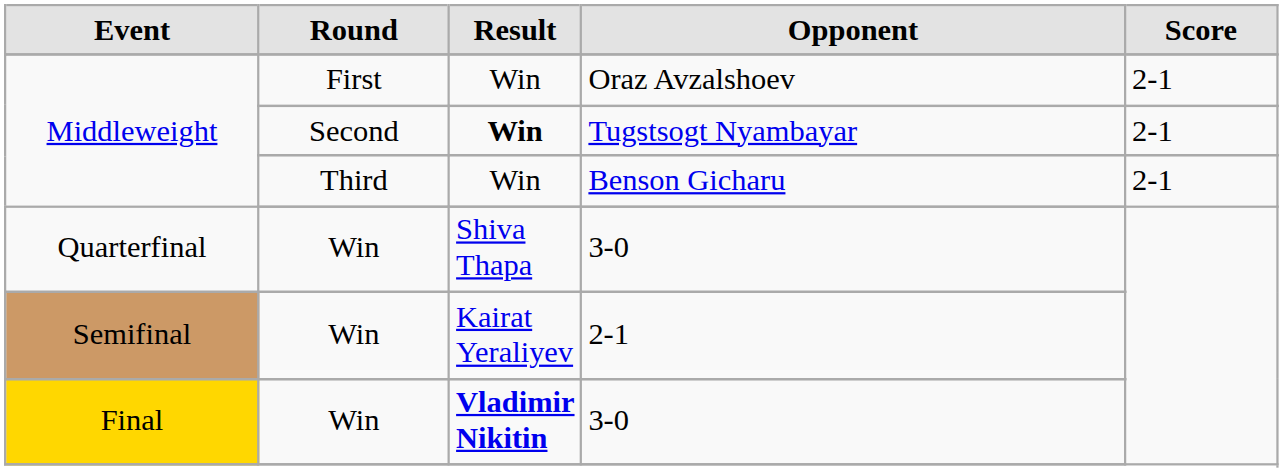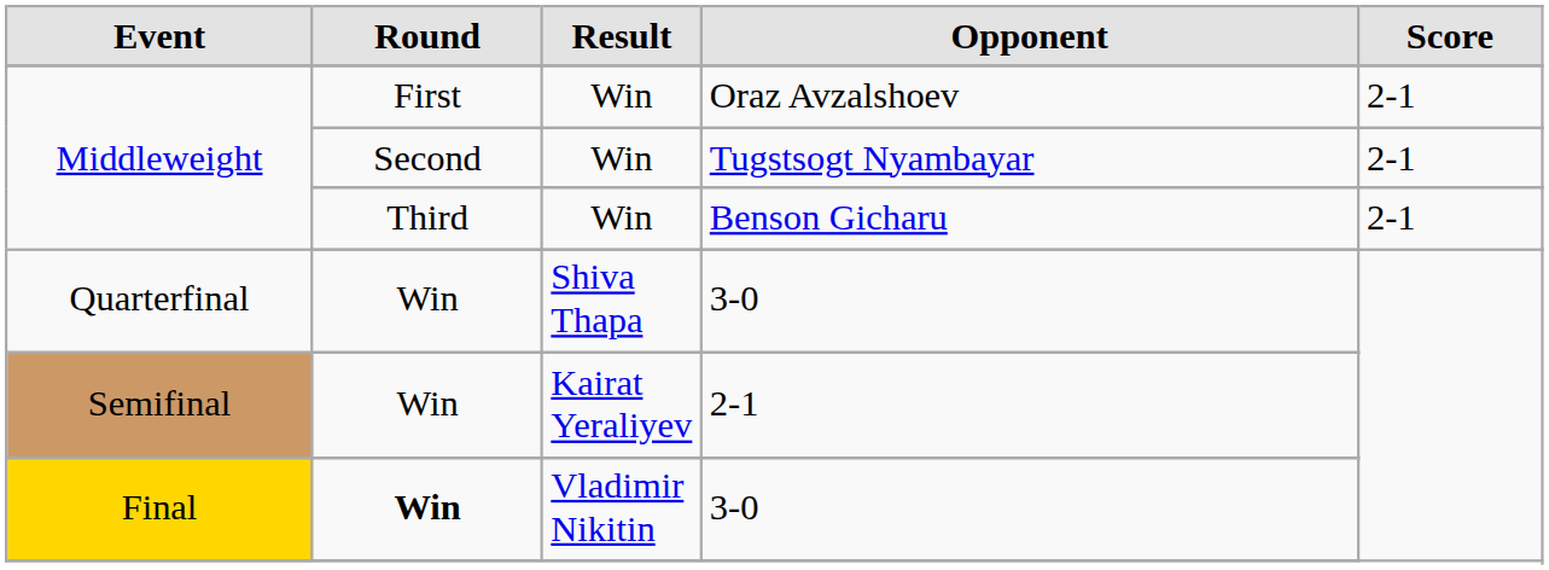 <table style='font-size: 85%; text-align: left;' class='wikitable' width='45%'>
 <tr>
 <th style='border-style: none none solid solid; background: #e3e3e3; width: 20%'><strong>Event</strong></th>
 <th style='border-style: none none solid solid; background: #e3e3e3; width: 15%'><strong>Round</strong></th>
 <th style='border-style: none none solid solid; background: #e3e3e3; width: 10%'><strong>Result</strong></th>
 <th style='border-style: none none solid solid; background: #e3e3e3; width: 43%'><strong>Opponent</strong></th>
 <th style='border-style: none none solid solid; background: #e3e3e3; width: 12%'><strong>Score</strong></th>
 </tr>
 <tr>
 </tr>
 <tr align=center>
 <td rowspan="6" style="text-align:center;"><a href='#'>Middleweight</a></td>
 <td align='center'>First</td>
 <td>Win</td>
 <td align='left'> Oraz Avzalshoev</td>
 <td align='left'>2-1</td>
 </tr>
 <tr>
 </tr>
 <tr align=center>
 <td align='center'>Second</td>
-<td><strong>Win</strong></td>
+<td>Win</td>
 <td align='left'> <a href='#'>Tugstsogt Nyambayar</a></td>
 <td align='left'>2-1</td>
 </tr>
 <tr>
 </tr>
 <tr align=center>
 <td align='center'>Third</td>
 <td>Win</td>
 <td align='left'> <a href='#'>Benson Gicharu</a></td>
 <td align='left'>2-1</td>
 </tr>
 <tr>
 </tr>
 <tr align=center>
 <td align='center'>Quarterfinal</td>
 <td>Win</td>
 <td align='left'> <a href='#'>Shiva Thapa</a></td>
 <td align='left'>3-0</td>
 </tr>
 <tr>
 </tr>
 <tr align=center>
 <td align='center'; bgcolor="#cc9966">Semifinal</td>
 <td>Win</td>
 <td align='left'> <a href='#'>Kairat Yeraliyev</a></td>
 <td align='left'>2-1</td>
 </tr>
 <tr>
 </tr>
 <tr align=center>
 <td align='center'; bgcolor="gold">Final</td>
-<td>Win</td>
-<td align='left'><strong> <a href='#'>Vladimir Nikitin</a></strong></td>
+<td><strong>Win</strong></td>
+<td align='left'> <a href='#'>Vladimir Nikitin</a></td>
 <td align='left'>3-0</td>
 </tr>
 <tr>
 </tr>
 </table>
